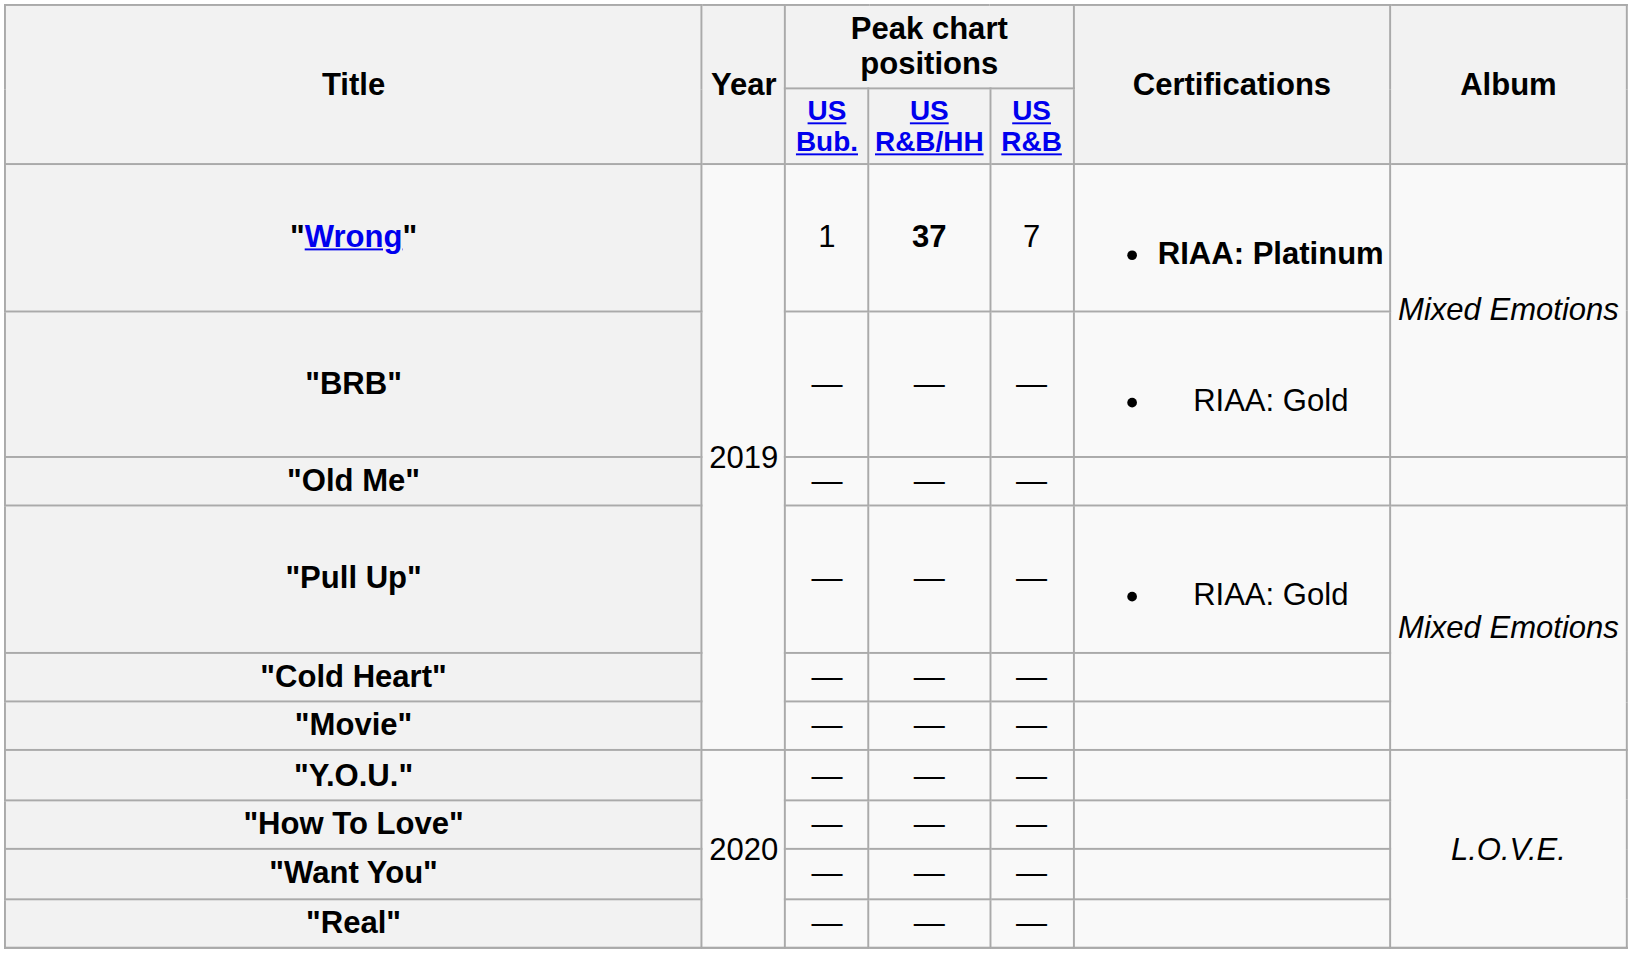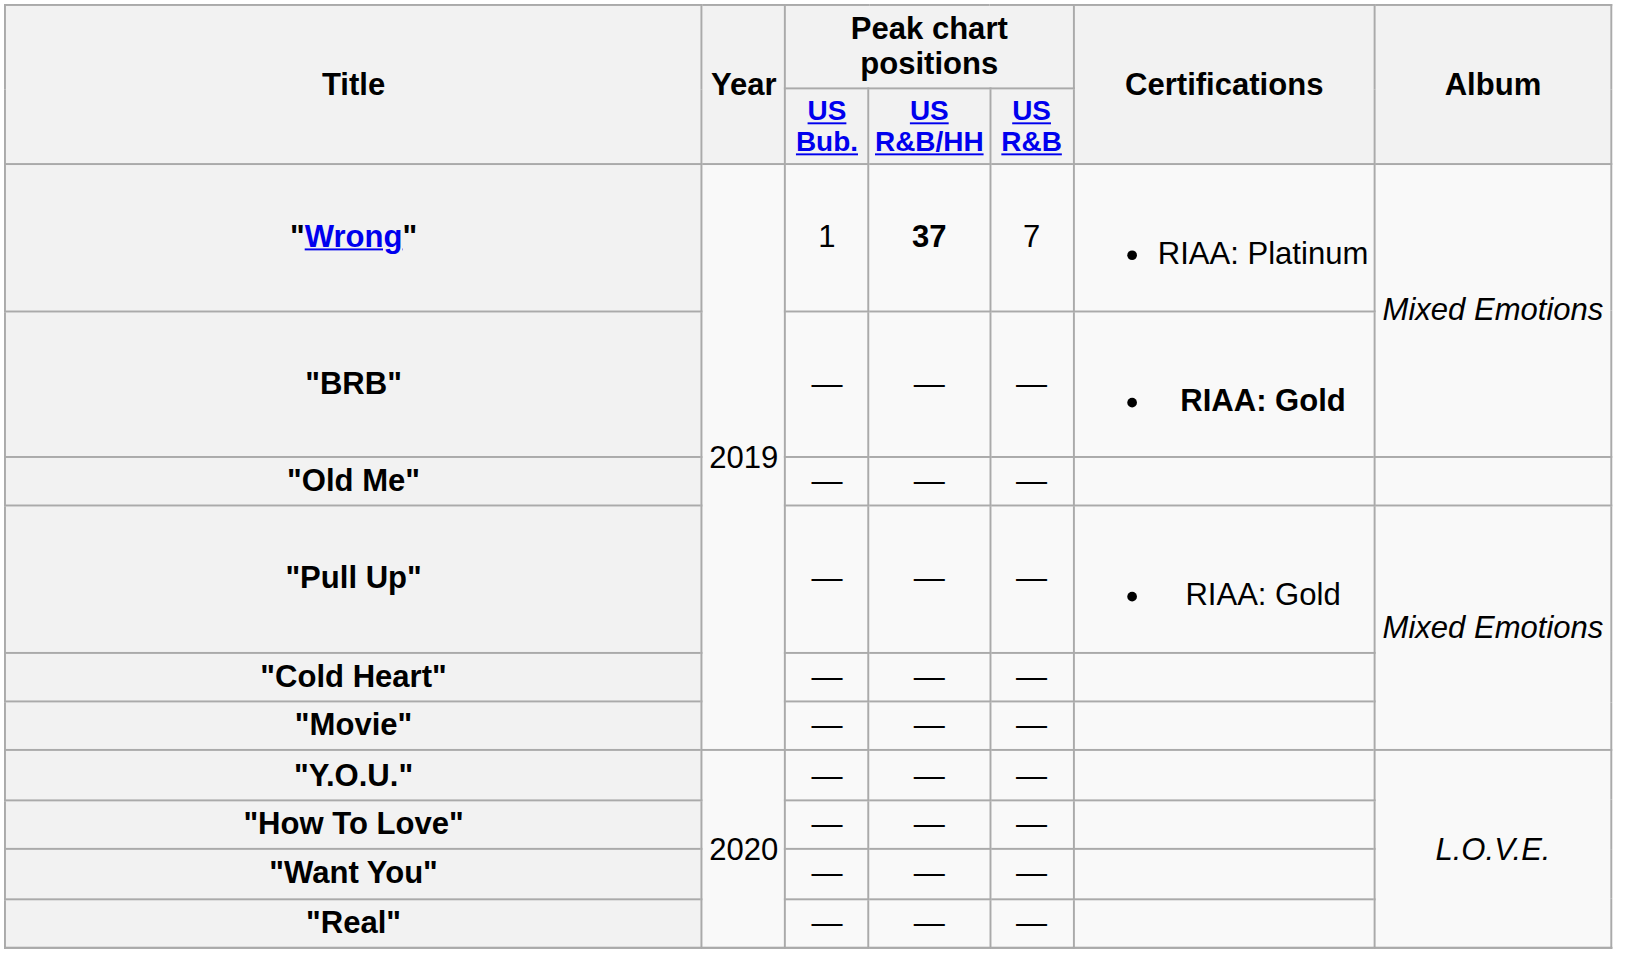 <table class="wikitable plainrowheaders" style="text-align:center;">
 <tr>
 <th scope="col" rowspan="2" style="width:22em;">Title</th>
 <th scope="col" rowspan="2" style="width:1em;">Year</th>
 <th colspan="3" scope="col">Peak chart positions</th>
 <th scope="col" rowspan="2">Certifications</th>
 <th scope="col" rowspan="2">Album</th>
 </tr>
 <tr>
 <th scope="col" style="width:2.5em;font-size:90%;"><a href='#'>US<br>Bub.</a></th>
 <th scope="col" style="width:2.5em;font-size:90%;"><a href='#'>US<br>R&B/HH</a></th>
 <th scope="col" style="width:2.5em;font-size:90%;"><a href='#'>US<br>R&B</a></th>
 </tr>
 <tr>
 <th scope="row">"<a href='#'>Wrong</a>"<br></th>
 <td rowspan="6">2019</td>
 <td>1</td>
 <td><strong>37</strong></td>
 <td>7</td>
-<td><strong><br><ul><li>RIAA: Platinum</li></ul></strong></td>
+<td><br><ul><li>RIAA: Platinum</li></ul></td>
 <td rowspan="2"><em>Mixed Emotions</em></td>
 </tr>
 <tr>
 <th scope="row">"BRB"</th>
 <td>—</td>
 <td>—</td>
 <td>—</td>
-<td><br><ul><li>RIAA: Gold</li></ul></td>
+<td><strong><br><ul><li>RIAA: Gold</li></ul></strong></td>
 </tr>
 <tr>
 <th scope="row">"Old Me"</th>
 <td>—</td>
 <td>—</td>
 <td —>—</td>
 <td></td>
 <td></td>
 </tr>
 <tr>
 <th scope="row">"Pull Up"</th>
 <td>—</td>
 <td>—</td>
 <td>—</td>
 <td><br><ul><li>RIAA: Gold</li></ul></td>
 <td rowspan="3"><em>Mixed Emotions</em></td>
 </tr>
 <tr>
 <th scope="row">"Cold Heart"</th>
 <td>—</td>
 <td>—</td>
 <td>—</td>
 <td></td>
 </tr>
 <tr>
 <th scope="row">"Movie"<br></th>
 <td>—</td>
 <td>—</td>
 <td>—</td>
 <td></td>
 </tr>
 <tr>
 <th scope="row">"Y.O.U."</th>
 <td rowspan="4">2020</td>
 <td>—</td>
 <td>—</td>
 <td —>—</td>
 <td></td>
 <td rowspan="4"><em>L.O.V.E.</em></td>
 </tr>
 <tr>
 <th scope="row">"How To Love"</th>
 <td>—</td>
 <td>—</td>
 <td —>—</td>
 <td></td>
 </tr>
 <tr>
 <th scope="row">"Want You"</th>
 <td>—</td>
 <td>—</td>
 <td —>—</td>
 <td></td>
 </tr>
 <tr>
 <th scope="row">"Real"</th>
 <td>—</td>
 <td>—</td>
 <td —>—</td>
 <td></td>
 </tr>
 <tr>
 </tr>
 </table>
